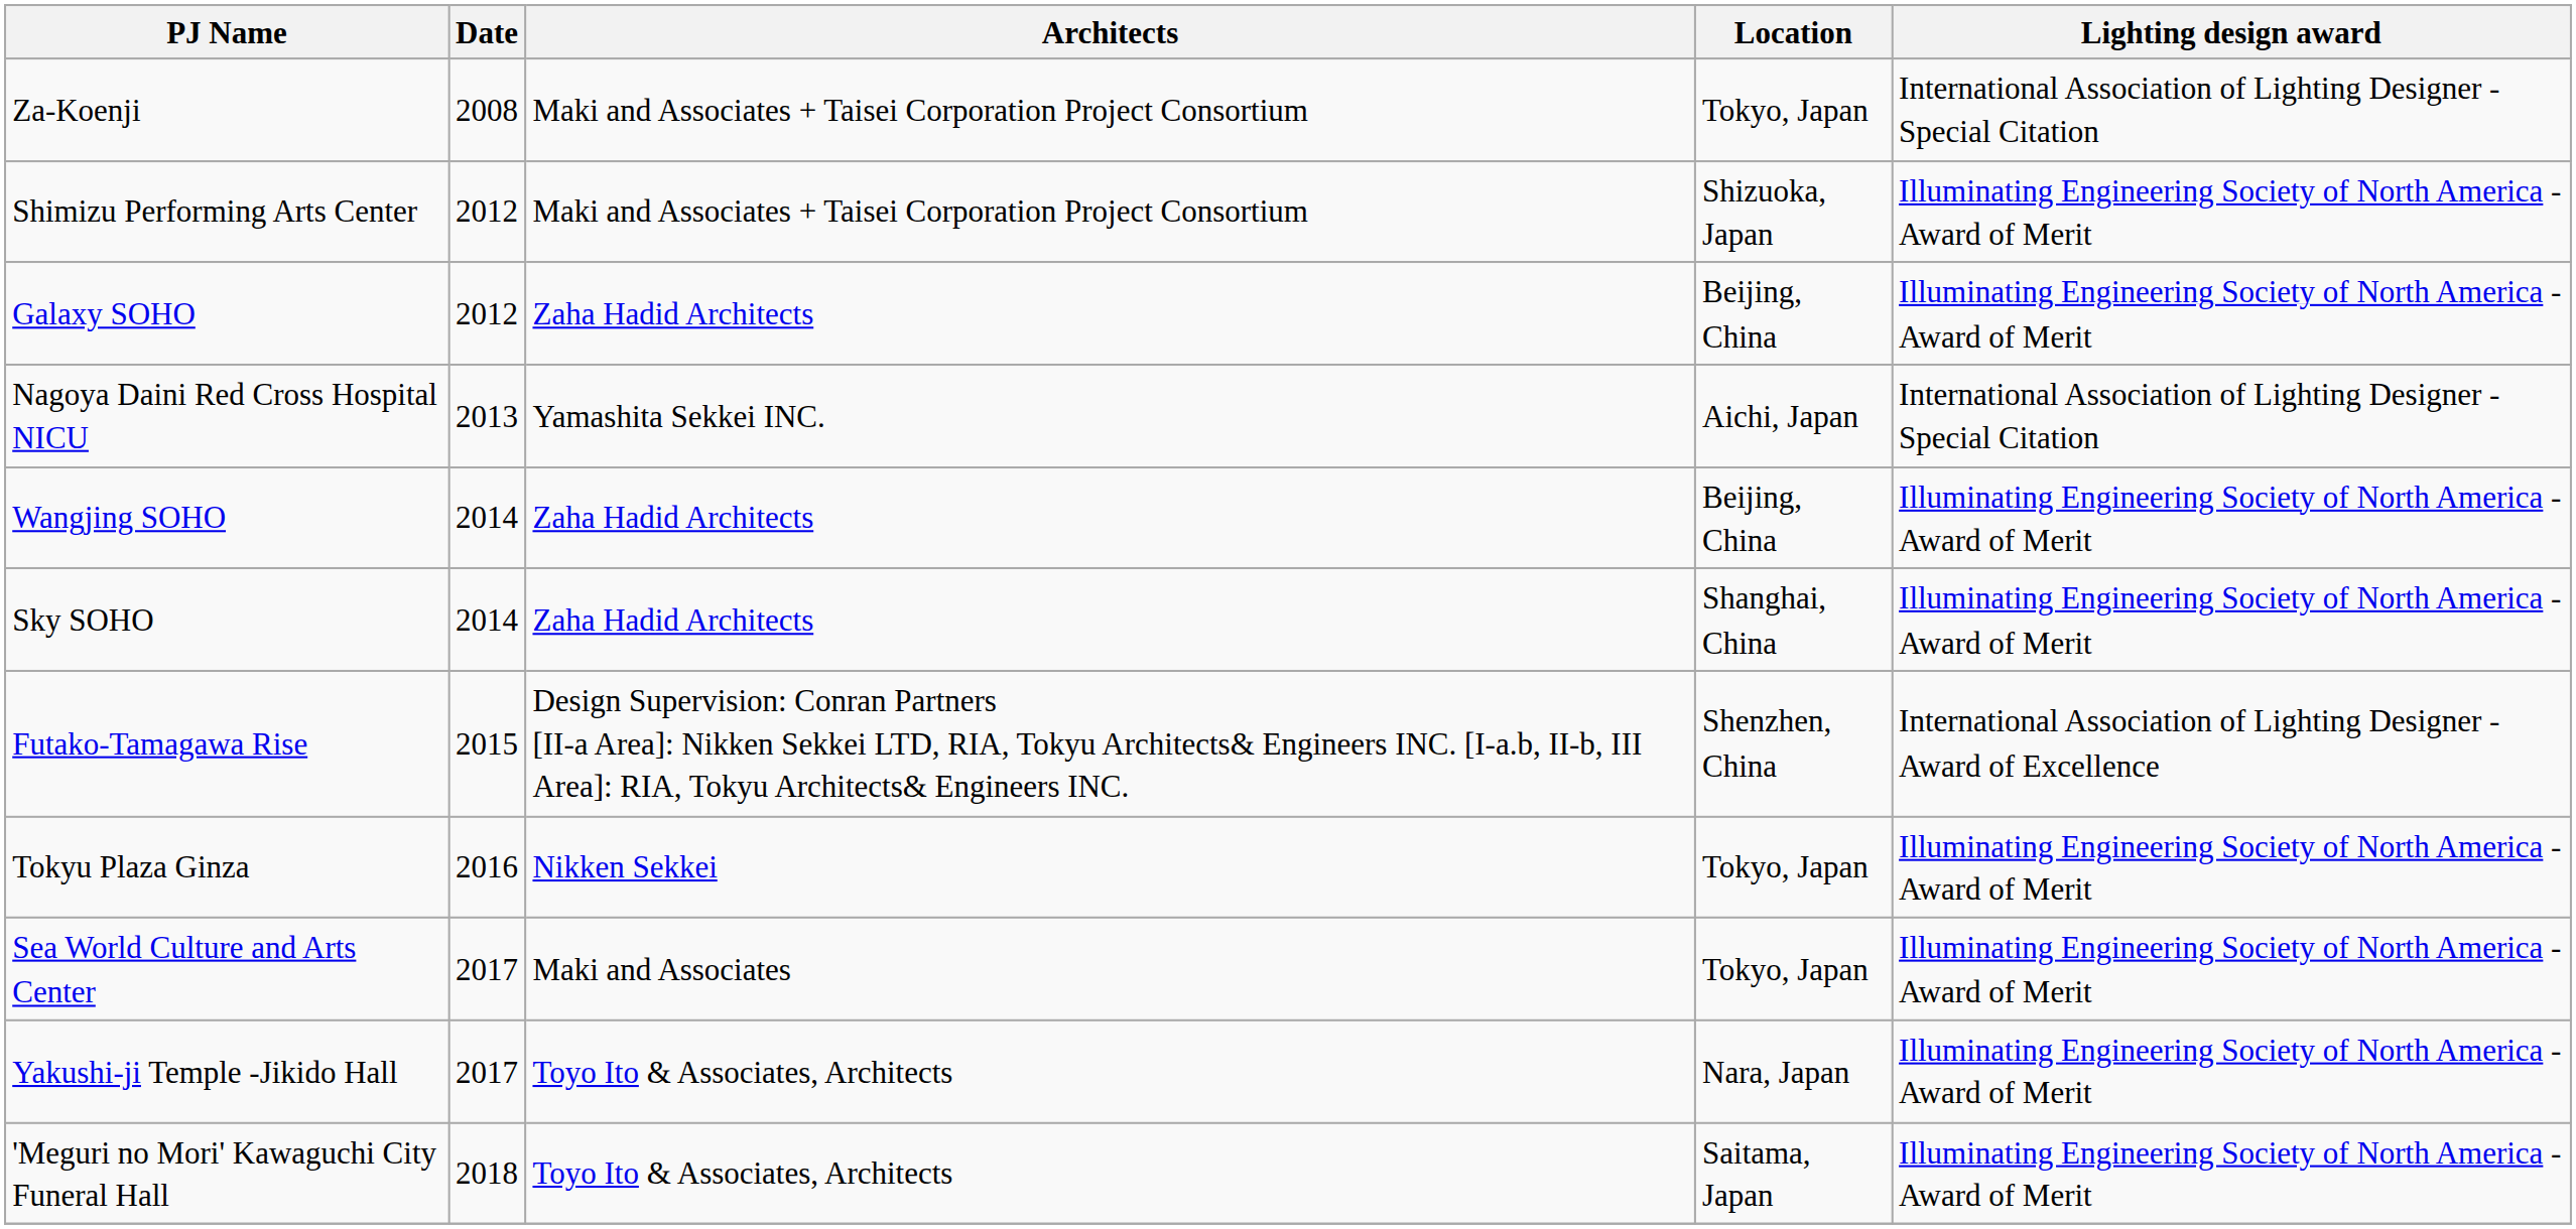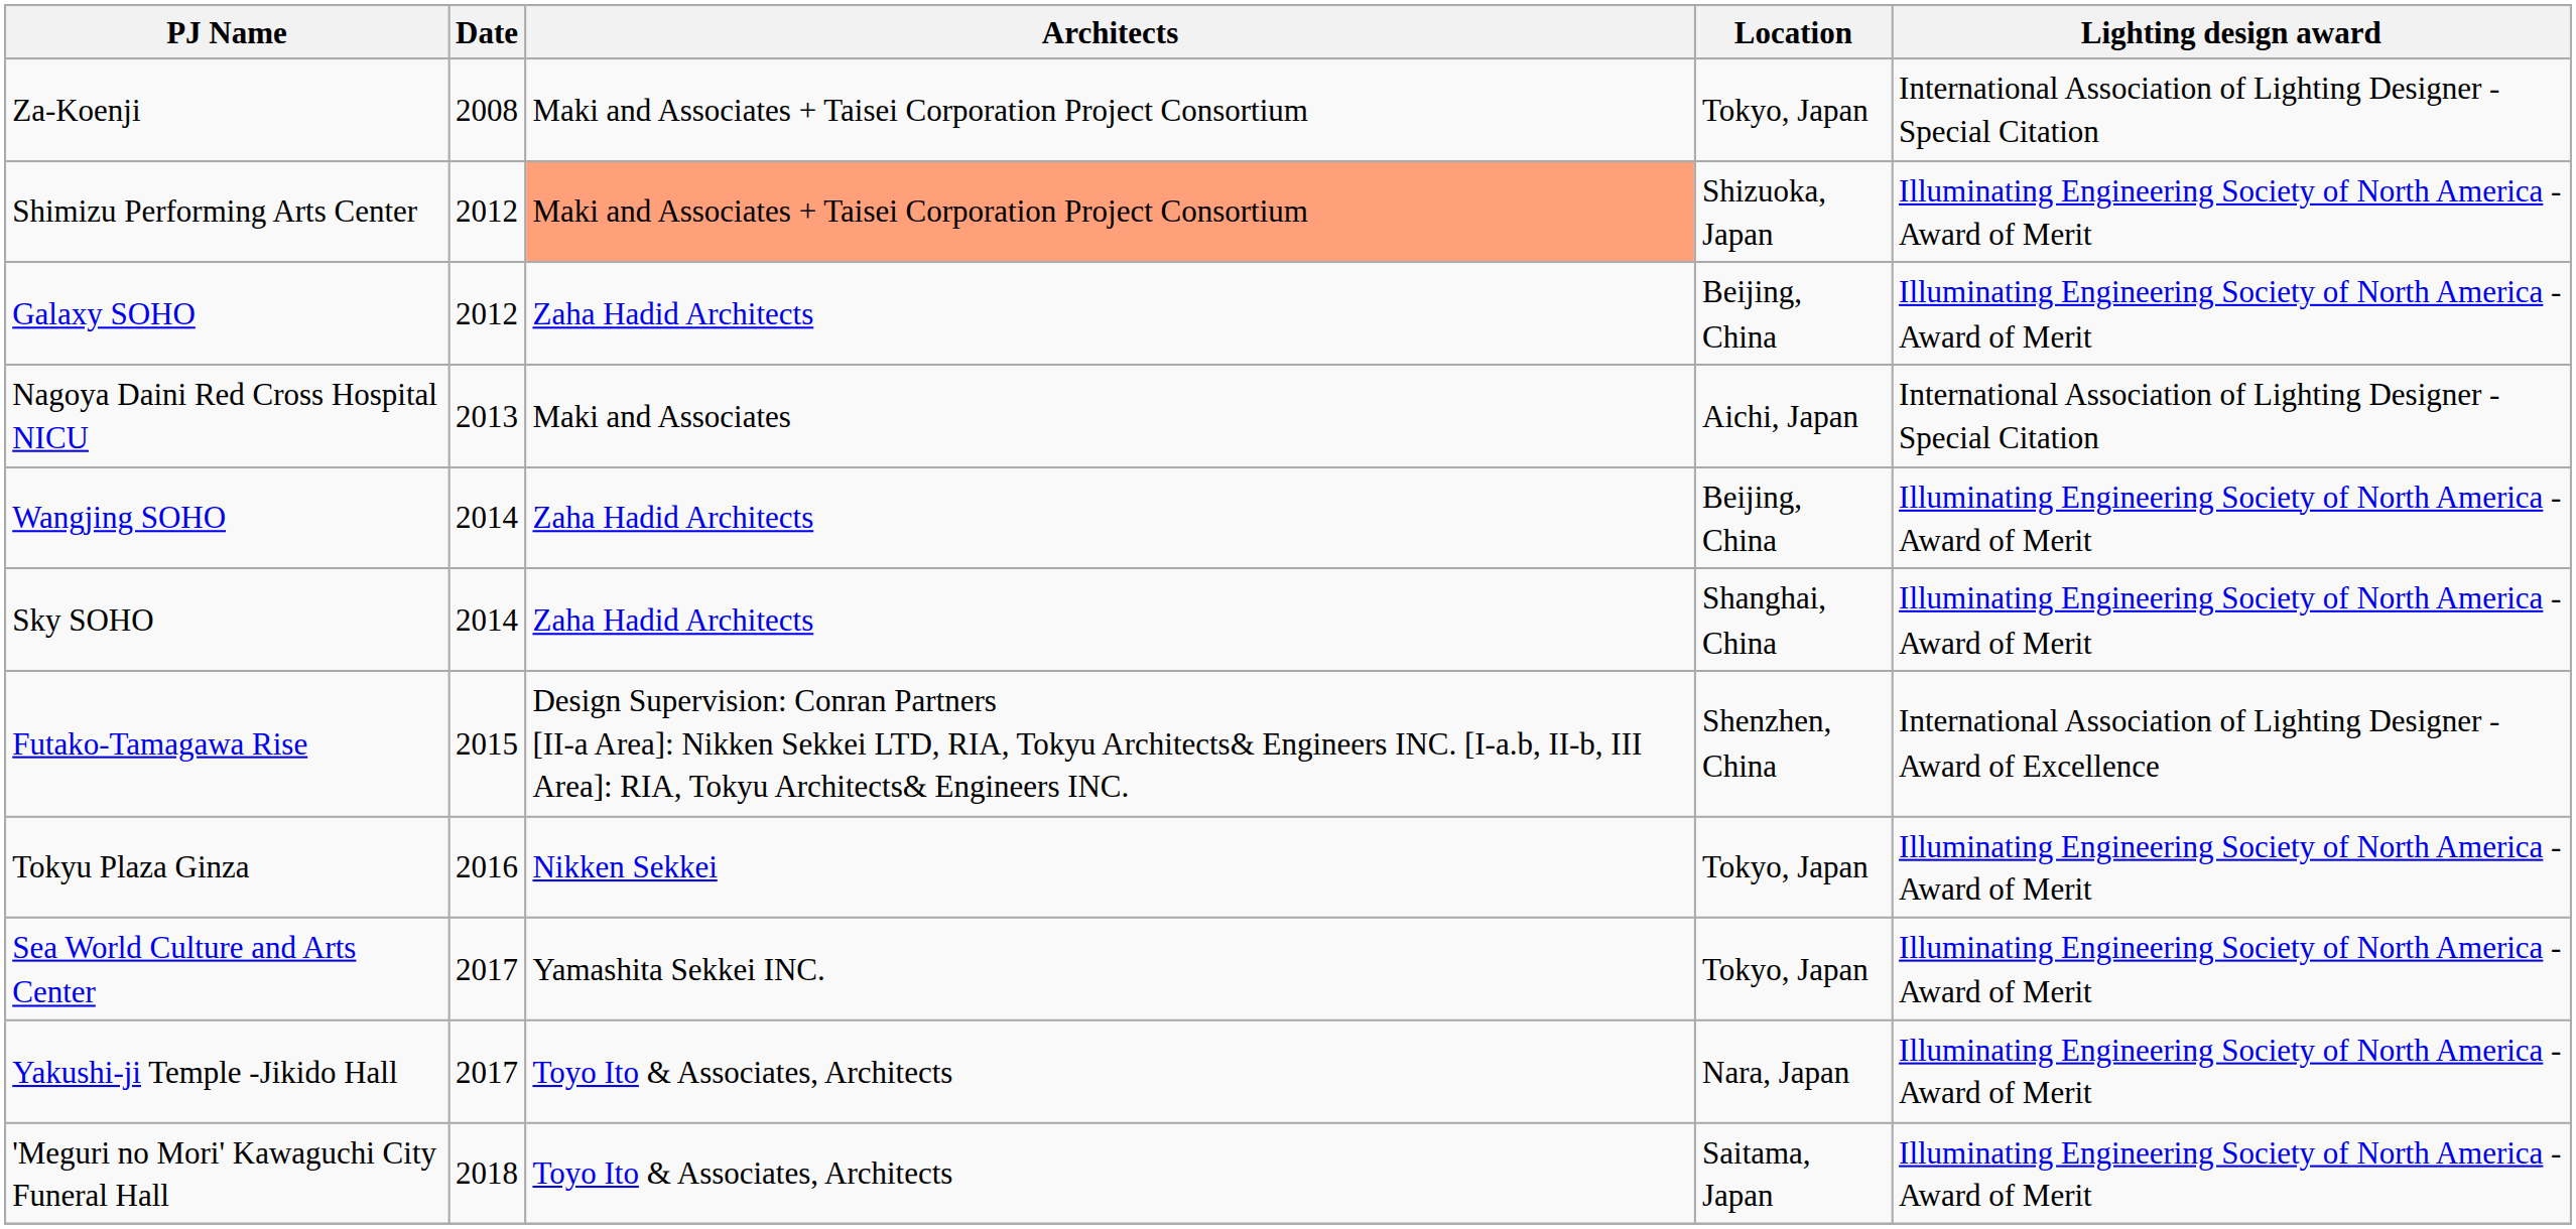 <table class="sortable wikitable" style="font-size:95%; line-height:1.4em;">
 <tr style="line-height:1.25em; white-space:nowrap;">
 <th>PJ Name</th>
 <th>Date</th>
 <th>Architects</th>
 <th>Location</th>
 <th>Lighting design award</th>
 </tr>
 <tr>
 <td>Za-Koenji</td>
 <td>2008</td>
 <td>Maki and Associates + Taisei Corporation Project Consortium</td>
 <td>Tokyo, Japan</td>
 <td>International Association of Lighting Designer - Special Citation</td>
 </tr>
 <tr>
 <td>Shimizu Performing Arts Center</td>
 <td>2012</td>
-<td>Maki and Associates + Taisei Corporation Project Consortium</td>
+<td style="background: lightsalmon;">Maki and Associates + Taisei Corporation Project Consortium</td>
 <td>Shizuoka, Japan</td>
 <td><a href='#'>Illuminating Engineering Society of North America</a> - Award of Merit</td>
 </tr>
 <tr>
 <td><a href='#'>Galaxy SOHO</a></td>
 <td>2012</td>
 <td><a href='#'>Zaha Hadid Architects</a></td>
 <td>Beijing, China</td>
 <td><a href='#'>Illuminating Engineering Society of North America</a> - Award of Merit</td>
 </tr>
 <tr>
 <td>Nagoya Daini Red Cross Hospital <a href='#'>NICU</a></td>
 <td>2013</td>
-<td>Yamashita Sekkei INC.</td>
+<td>Maki and Associates</td>
 <td>Aichi, Japan</td>
 <td>International Association of Lighting Designer - Special Citation</td>
 </tr>
 <tr>
 <td><a href='#'>Wangjing SOHO</a></td>
 <td>2014</td>
 <td><a href='#'>Zaha Hadid Architects</a></td>
 <td>Beijing, China</td>
 <td><a href='#'>Illuminating Engineering Society of North America</a> - Award of Merit</td>
 </tr>
 <tr>
 <td>Sky SOHO</td>
 <td>2014</td>
 <td><a href='#'>Zaha Hadid Architects</a></td>
 <td>Shanghai, China</td>
 <td><a href='#'>Illuminating Engineering Society of North America</a> - Award of Merit</td>
 </tr>
 <tr>
 <td><a href='#'>Futako-Tamagawa Rise</a></td>
 <td>2015</td>
 <td>Design Supervision: Conran Partners<br>[II-a Area]: Nikken Sekkei LTD, RIA, Tokyu Architects& Engineers INC. [I-a.b, II-b, III Area]: RIA, Tokyu Architects& Engineers INC.</td>
 <td>Shenzhen, China</td>
 <td>International Association of Lighting Designer - Award of Excellence</td>
 </tr>
 <tr>
 <td>Tokyu Plaza Ginza</td>
 <td>2016</td>
 <td><a href='#'>Nikken Sekkei</a></td>
 <td>Tokyo, Japan</td>
 <td><a href='#'>Illuminating Engineering Society of North America</a> - Award of Merit</td>
 </tr>
 <tr>
 <td><a href='#'>Sea World Culture and Arts Center</a></td>
 <td>2017</td>
-<td>Maki and Associates</td>
+<td>Yamashita Sekkei INC.</td>
 <td>Tokyo, Japan</td>
 <td><a href='#'>Illuminating Engineering Society of North America</a> - Award of Merit</td>
 </tr>
 <tr>
 <td><a href='#'>Yakushi-ji</a> Temple -Jikido Hall</td>
 <td>2017</td>
 <td><a href='#'>Toyo Ito</a> & Associates, Architects</td>
 <td>Nara, Japan</td>
 <td><a href='#'>Illuminating Engineering Society of North America</a> - Award of Merit</td>
 </tr>
 <tr>
 <td>'Meguri no Mori' Kawaguchi City Funeral Hall</td>
 <td>2018</td>
 <td><a href='#'>Toyo Ito</a> & Associates, Architects</td>
 <td>Saitama, Japan</td>
 <td><a href='#'>Illuminating Engineering Society of North America</a> - Award of Merit</td>
 </tr>
 <tr>
 </tr>
 </table>
